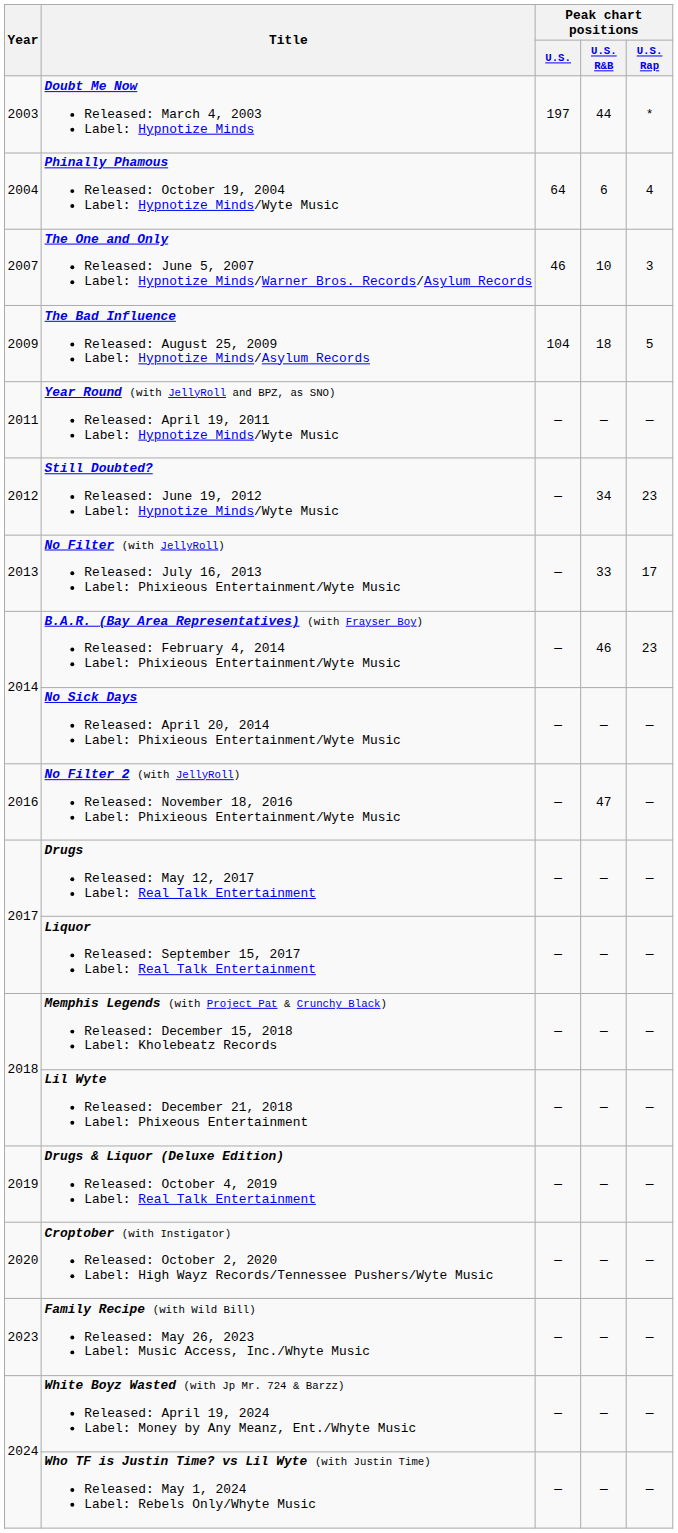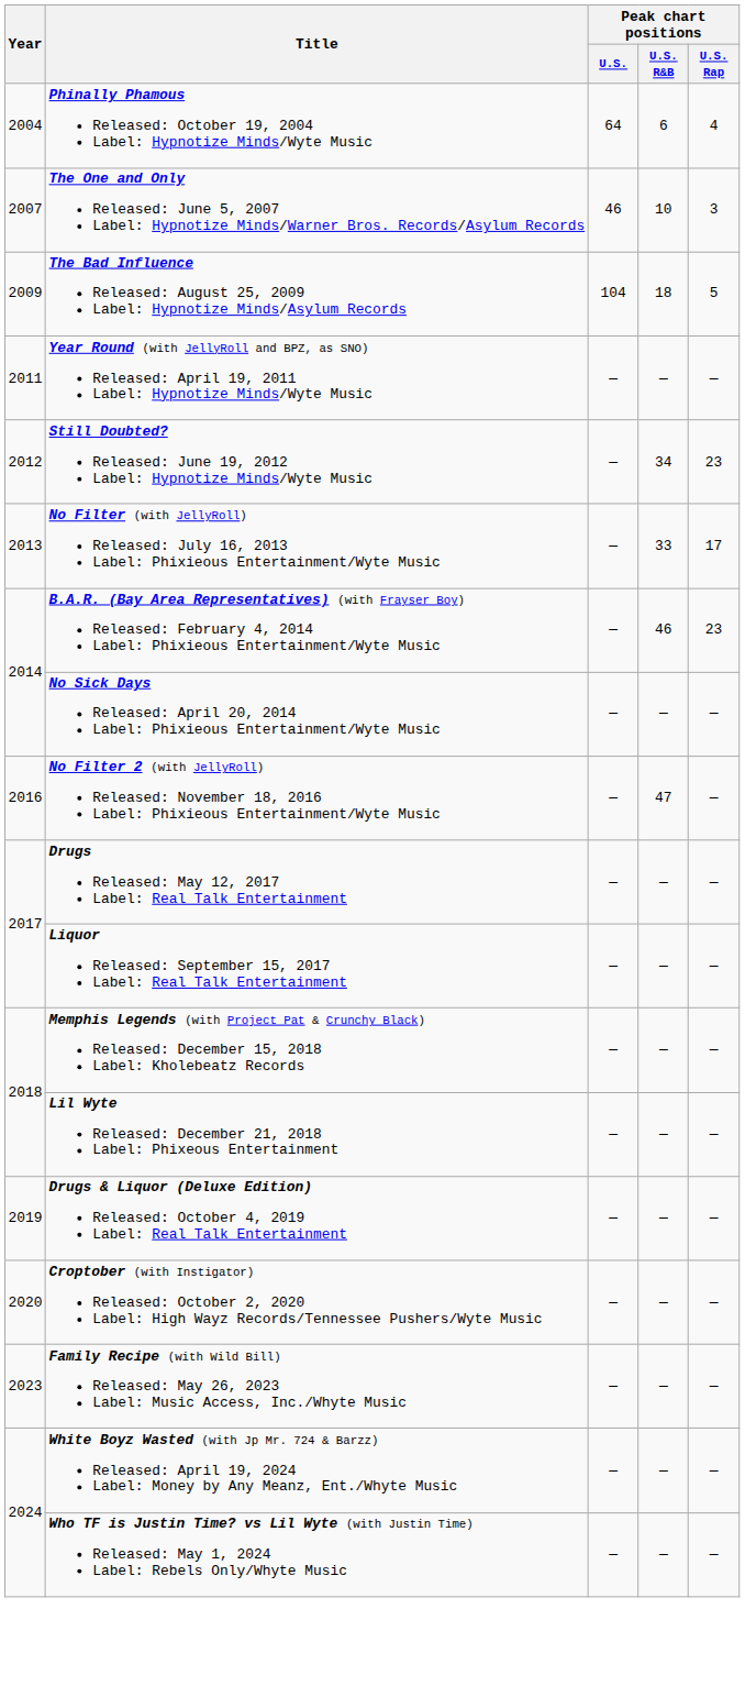 <table class="wikitable">
 <tr>
 <th style="text-align:center;" rowspan="2">Year</th>
 <th style="text-align:center;" rowspan="2">Title</th>
 <th style="text-align:center;" colspan="3">Peak chart positions</th>
 </tr>
 <tr>
 <th style="text-align:center; width:40px;"><small><a href='#'>U.S.</a></small></th>
 <th style="text-align:center; width:40px;"><small><a href='#'>U.S. R&B</a></small></th>
 <th style="text-align:center; width:40px;"><small><a href='#'>U.S. Rap</a></small></th>
-</tr>
-<tr>
-<td align=center>2003</td>
-<td align="left"><strong><em><a href='#'>Doubt Me Now</a></em></strong><br><ul><li>Released: March 4, 2003</li><li>Label: <a href='#'>Hypnotize Minds</a></li></ul></td>
-<td align=center>197</td>
-<td align=center>44</td>
-<td align=center>*</td>
 </tr>
 <tr>
 <td align=center>2004</td>
 <td align="left"><strong><em><a href='#'>Phinally Phamous</a></em></strong><br><ul><li>Released: October 19, 2004</li><li>Label: <a href='#'>Hypnotize Minds</a>/Wyte Music</li></ul></td>
 <td align=center>64</td>
 <td align=center>6</td>
 <td align=center>4</td>
 </tr>
 <tr>
 <td align=center>2007</td>
 <td align="left"><strong><em><a href='#'>The One and Only</a></em></strong><br><ul><li>Released: June 5, 2007</li><li>Label: <a href='#'>Hypnotize Minds</a>/<a href='#'>Warner Bros. Records</a>/<a href='#'>Asylum Records</a></li></ul></td>
 <td align=center>46</td>
 <td align=center>10</td>
 <td align=center>3</td>
 </tr>
 <tr>
 <td align=center>2009</td>
 <td align="left"><strong><em><a href='#'>The Bad Influence</a></em></strong><br><ul><li>Released: August 25, 2009</li><li>Label: <a href='#'>Hypnotize Minds</a>/<a href='#'>Asylum Records</a></li></ul></td>
 <td align=center>104</td>
 <td align=center>18</td>
 <td align=center>5</td>
 </tr>
 <tr>
 <td align=center>2011</td>
 <td align="left"><strong><em><a href='#'>Year Round</a></em></strong> <small>(with <a href='#'>JellyRoll</a> and BPZ, as SNO)</small><br><ul><li>Released: April 19, 2011</li><li>Label: <a href='#'>Hypnotize Minds</a>/Wyte Music</li></ul></td>
 <td align=center>—</td>
 <td align=center>—</td>
 <td align=center>—</td>
 </tr>
 <tr>
 <td align=center>2012</td>
 <td align="left"><strong><em><a href='#'>Still Doubted?</a></em></strong><br><ul><li>Released: June 19, 2012</li><li>Label: <a href='#'>Hypnotize Minds</a>/Wyte Music</li></ul></td>
 <td align=center>—</td>
 <td align=center>34</td>
 <td align=center>23</td>
 </tr>
 <tr>
 <td align=center>2013</td>
 <td align="left"><strong><em><a href='#'>No Filter</a></em></strong> <small>(with <a href='#'>JellyRoll</a>)</small><br><ul><li>Released: July 16, 2013</li><li>Label: Phixieous Entertainment/Wyte Music</li></ul></td>
 <td align="center">—</td>
 <td align="center">33</td>
 <td align="center">17</td>
 </tr>
 <tr>
 <td rowspan="2" align=center>2014</td>
 <td align="left"><strong><em><a href='#'>B.A.R. (Bay Area Representatives)</a></em></strong> <small>(with <a href='#'>Frayser Boy</a>)</small><br><ul><li>Released: February 4, 2014</li><li>Label: Phixieous Entertainment/Wyte Music</li></ul></td>
 <td align="center">—</td>
 <td align="center">46</td>
 <td align="center">23</td>
 </tr>
 <tr>
 <td align="left"><strong><em><a href='#'>No Sick Days</a></em></strong><br><ul><li>Released: April 20, 2014</li><li>Label: Phixieous Entertainment/Wyte Music</li></ul></td>
 <td align="center">—</td>
 <td align="center">—</td>
 <td align="center">—</td>
 </tr>
 <tr>
 <td>2016</td>
 <td align="left"><strong><em><a href='#'>No Filter 2</a></em></strong> <small>(with <a href='#'>JellyRoll</a>)</small><br><ul><li>Released: November 18, 2016</li><li>Label: Phixieous Entertainment/Wyte Music</li></ul></td>
 <td align="center">—</td>
 <td align="center">47</td>
 <td align="center">—</td>
 </tr>
 <tr>
 <td rowspan="2" align="center">2017</td>
 <td align="left"><strong><em>Drugs</em></strong><br><ul><li>Released: May 12, 2017</li><li>Label: <a href='#'>Real Talk Entertainment</a></li></ul></td>
 <td align="center">—</td>
 <td align="center">—</td>
 <td align="center">—</td>
 </tr>
 <tr>
 <td align="left"><strong><em>Liquor</em></strong><br><ul><li>Released: September 15, 2017</li><li>Label: <a href='#'>Real Talk Entertainment</a></li></ul></td>
 <td align="center">—</td>
 <td align="center">—</td>
 <td align="center">—</td>
 </tr>
 <tr>
 <td rowspan="2" align="center">2018</td>
 <td align="left"><strong><em>Memphis Legends</em></strong> <small>(with <a href='#'>Project Pat</a> & <a href='#'>Crunchy Black</a>)</small><br><ul><li>Released: December 15, 2018</li><li>Label: Kholebeatz Records</li></ul></td>
 <td align="center">—</td>
 <td align="center">—</td>
 <td align="center">—</td>
 </tr>
 <tr>
 <td align="left"><strong><em>Lil Wyte</em></strong><br><ul><li>Released: December 21, 2018</li><li>Label: Phixeous Entertainment</li></ul></td>
 <td align="center">—</td>
 <td align="center">—</td>
 <td align="center">—</td>
 </tr>
 <tr>
 <td rowspan="1" align="center">2019</td>
 <td align="left"><strong><em>Drugs & Liquor (Deluxe Edition)</em></strong><br><ul><li>Released: October 4, 2019</li><li>Label: <a href='#'>Real Talk Entertainment</a></li></ul></td>
 <td align="center">—</td>
 <td align="center">—</td>
 <td align="center">—</td>
 </tr>
 <tr>
 <td rowspan="1" align="center">2020</td>
 <td align="left"><strong><em>Croptober</em></strong> <small>(with Instigator)</small><br><ul><li>Released: October 2, 2020</li><li>Label: High Wayz Records/Tennessee Pushers/Wyte Music</li></ul></td>
 <td align="center">—</td>
 <td align="center">—</td>
 <td align="center">—</td>
 </tr>
 <tr>
 <td rowspan="1" align="center">2023</td>
 <td align="left"><strong><em>Family Recipe</em></strong> <small>(with Wild Bill)</small><br><ul><li>Released: May 26, 2023</li><li>Label: Music Access, Inc./Whyte Music</li></ul></td>
 <td align="center">—</td>
 <td align="center">—</td>
 <td align="center">—</td>
 </tr>
 <tr>
 <td rowspan="2" align="center">2024</td>
 <td align="left"><strong><em>White Boyz Wasted</em></strong> <small>(with Jp Mr. 724 & Barzz)</small><br><ul><li>Released: April 19, 2024</li><li>Label: Money by Any Meanz, Ent./Whyte Music</li></ul></td>
 <td align="center">—</td>
 <td align="center">—</td>
 <td align="center">—</td>
 </tr>
 <tr>
 <td align="left"><strong><em>Who TF is Justin Time? vs Lil Wyte</em></strong> <small>(with Justin Time)</small><br><ul><li>Released: May 1, 2024</li><li>Label: Rebels Only/Whyte Music</li></ul></td>
 <td align="center">—</td>
 <td align="center">—</td>
 <td align="center">—</td>
 </tr>
 </table>
